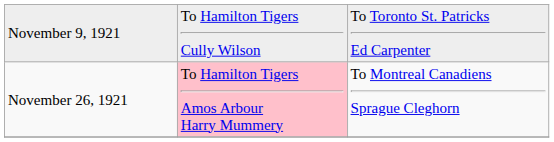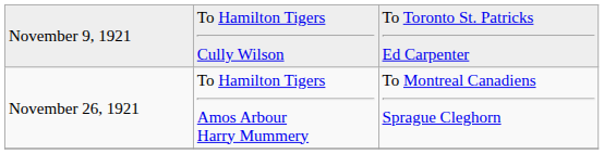 <table class="wikitable" style="border:1px solid #999999; width:580px;">
 <tr bgcolor="eeeeee">
 <td>November 9, 1921</td>
 <td valign="top">To <a href='#'>Hamilton Tigers</a><hr><a href='#'>Cully Wilson</a></td>
 <td valign="top">To <a href='#'>Toronto St. Patricks</a> <hr><a href='#'>Ed Carpenter</a></td>
 </tr>
 <tr>
 <td>November 26, 1921</td>
-<td valign="top" style="background: pink;">To <a href='#'>Hamilton Tigers</a><hr><a href='#'>Amos Arbour</a><br><a href='#'>Harry Mummery</a></td>
+<td valign="top">To <a href='#'>Hamilton Tigers</a><hr><a href='#'>Amos Arbour</a><br><a href='#'>Harry Mummery</a></td>
 <td valign="top">To <a href='#'>Montreal Canadiens</a> <hr><a href='#'>Sprague Cleghorn</a></td>
 </tr>
 <tr bgcolor="eeeeee">
 </tr>
 </table>
